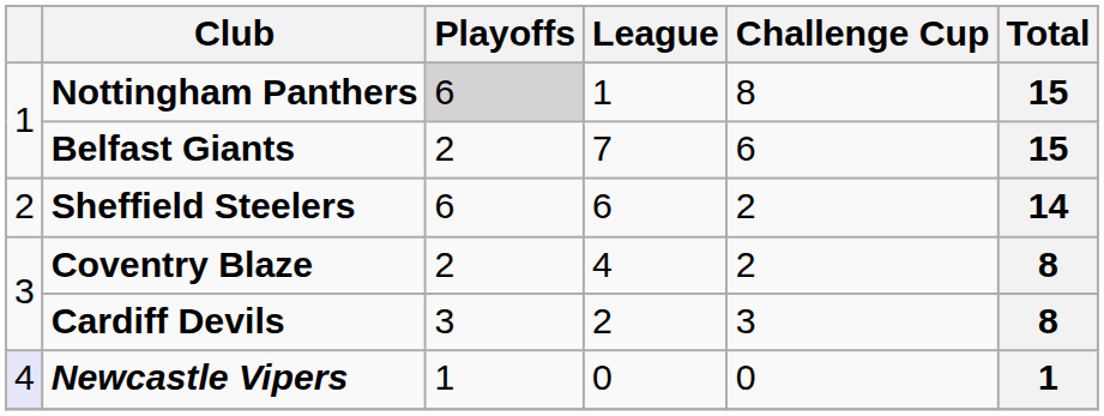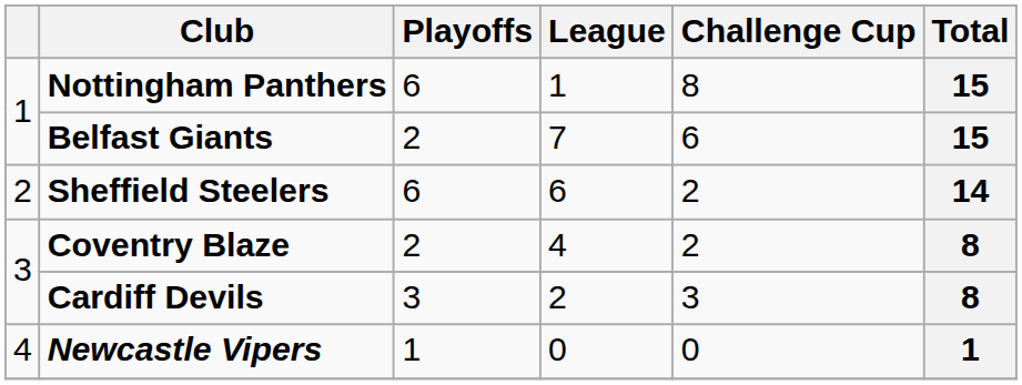 <table class="wikitable" style="text-align: left;">
 <tr>
 <th></th>
 <th>Club</th>
 <th>Playoffs</th>
 <th>League</th>
 <th>Challenge Cup</th>
 <th>Total</th>
 </tr>
 <tr>
 <td rowspan="2">1</td>
 <td align="left"><strong>Nottingham Panthers</strong></td>
-<td style="background: lightgrey;">6</td>
+<td>6</td>
 <td>1</td>
 <td>8</td>
 <th>15</th>
 </tr>
 <tr>
 <td align="left"><strong>Belfast Giants</strong></td>
 <td>2</td>
 <td>7</td>
 <td>6</td>
 <th>15</th>
 </tr>
 <tr>
 <td rowspan="1">2</td>
 <td align="left"><strong>Sheffield Steelers</strong></td>
 <td>6</td>
 <td>6</td>
 <td>2</td>
 <th>14</th>
 </tr>
 <tr>
 <td rowspan="2">3</td>
 <td align="left"><strong>Coventry Blaze</strong></td>
 <td>2</td>
 <td>4</td>
 <td>2</td>
 <th>8</th>
 </tr>
 <tr>
 <td align="left"><strong>Cardiff Devils</strong></td>
 <td>3</td>
 <td>2</td>
 <td>3</td>
 <th>8</th>
 </tr>
 <tr>
-<td style="background: lavender;">4</td>
+<td>4</td>
 <td align="left"><strong><em>Newcastle Vipers</em></strong></td>
 <td>1</td>
 <td>0</td>
 <td>0</td>
 <th>1</th>
 </tr>
 <tr>
 </tr>
 </table>
